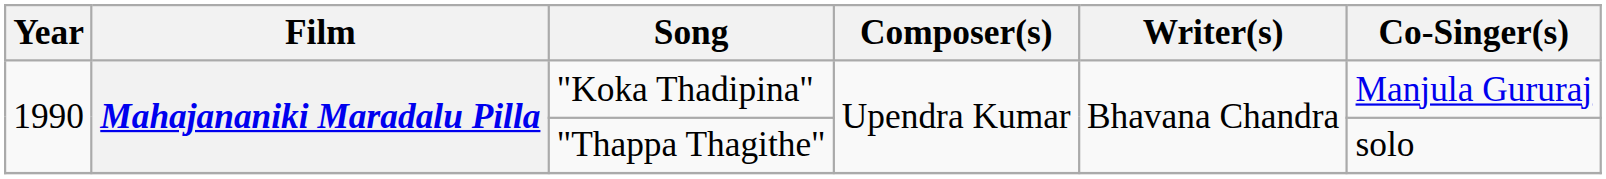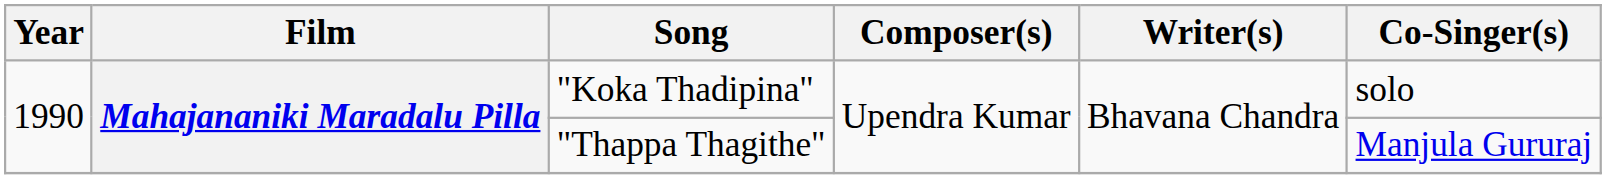 <table class="wikitable">
 <tr>
 <th>Year</th>
 <th>Film</th>
 <th>Song</th>
 <th>Composer(s)</th>
 <th>Writer(s)</th>
 <th>Co-Singer(s)</th>
 </tr>
 <tr>
 <td rowspan=2>1990</td>
 <th Rowspan=2><em><a href='#'>Mahajananiki Maradalu Pilla</a></em></th>
 <td>"Koka Thadipina"</td>
 <td rowspan=2>Upendra Kumar</td>
 <td rowspan=2>Bhavana Chandra</td>
-<td><a href='#'>Manjula Gururaj</a></td>
+<td>solo</td>
 </tr>
 <tr>
 <td>"Thappa Thagithe"</td>
-<td>solo</td>
+<td><a href='#'>Manjula Gururaj</a></td>
 </tr>
 <tr>
 </tr>
 </table>
